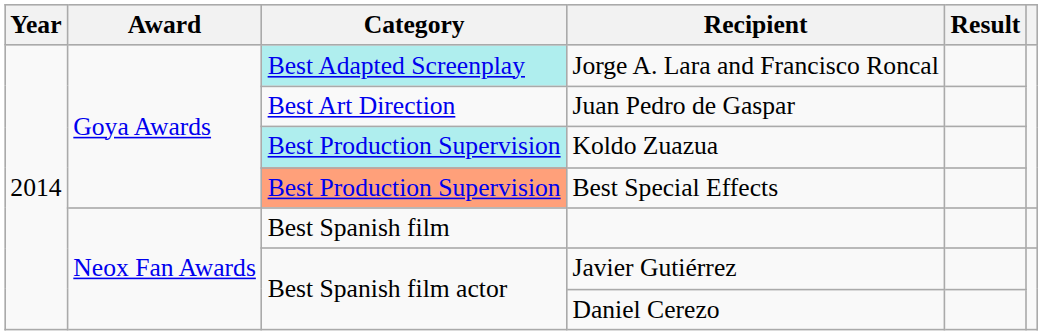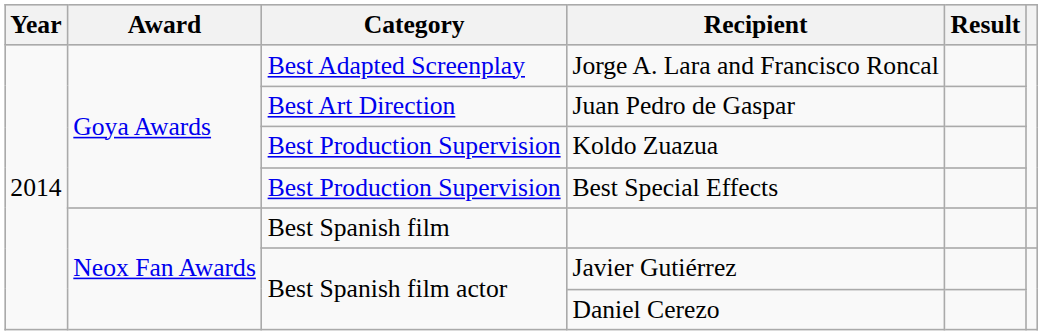 <table class="wikitable" style="margin:1em auto;">
 <tr>
 <th>Year</th>
 <th>Award</th>
 <th>Category</th>
 <th>Recipient</th>
 <th>Result</th>
 <th></th>
 </tr>
 <tr>
 <td rowspan="7">2014</td>
 <td rowspan="4"><a href='#'>Goya Awards</a></td>
-<td style="background: paleturquoise;"><a href='#'>Best Adapted Screenplay</a></td>
+<td><a href='#'>Best Adapted Screenplay</a></td>
 <td>Jorge A. Lara and Francisco Roncal</td>
 <td></td>
 <td rowspan=4></td>
 </tr>
 <tr>
 <td><a href='#'>Best Art Direction</a></td>
 <td>Juan Pedro de Gaspar</td>
 <td></td>
 </tr>
 <tr>
-<td style="background: paleturquoise;"><a href='#'>Best Production Supervision</a></td>
+<td><a href='#'>Best Production Supervision</a></td>
 <td>Koldo Zuazua</td>
 <td></td>
 </tr>
 <tr>
-<td style="background: lightsalmon;"><a href='#'>Best Production Supervision</a></td>
+<td><a href='#'>Best Production Supervision</a></td>
 <td>Best Special Effects</td>
 <td></td>
 </tr>
 <tr>
 <td rowspan=3><a href='#'>Neox Fan Awards</a></td>
 <td>Best Spanish film</td>
 <td></td>
 <td></td>
 <td></td>
 </tr>
 <tr>
 <td rowspan=2>Best Spanish film actor</td>
 <td>Javier Gutiérrez</td>
 <td></td>
 <td rowspan=2></td>
 </tr>
 <tr>
 <td>Daniel Cerezo</td>
 <td></td>
 </tr>
 </table>
